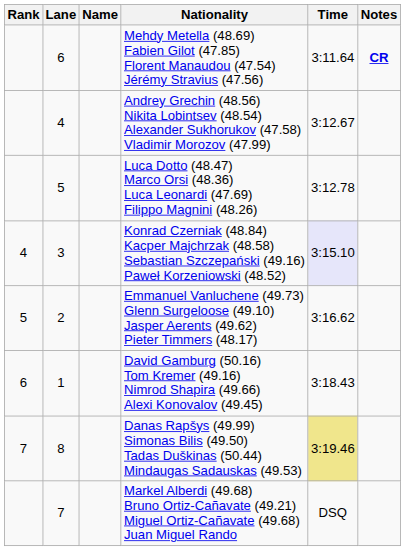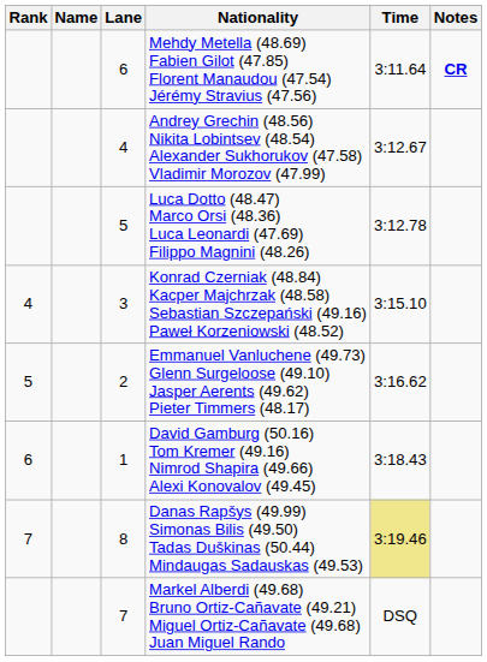 <table class="wikitable sortable" style="text-align:center">
 <tr>
 <th>Rank</th>
+<th>Name</th>
 <th>Lane</th>
-<th>Name</th>
 <th>Nationality</th>
 <th>Time</th>
 <th>Notes</th>
 </tr>
 <tr>
 <td></td>
+<td align=left></td>
 <td>6</td>
-<td align=left></td>
 <td align=left><a href='#'>Mehdy Metella</a> (48.69)<br><a href='#'>Fabien Gilot</a> (47.85)<br><a href='#'>Florent Manaudou</a> (47.54)<br><a href='#'>Jérémy Stravius</a> (47.56)</td>
 <td>3:11.64</td>
 <td><strong><a href='#'>CR</a></strong></td>
 </tr>
 <tr>
 <td></td>
+<td align=left></td>
 <td>4</td>
-<td align=left></td>
 <td align=left><a href='#'>Andrey Grechin</a> (48.56)<br><a href='#'>Nikita Lobintsev</a> (48.54)<br><a href='#'>Alexander Sukhorukov</a> (47.58)<br><a href='#'>Vladimir Morozov</a> (47.99)</td>
 <td>3:12.67</td>
 <td></td>
 </tr>
 <tr>
 <td></td>
+<td align=left></td>
 <td>5</td>
-<td align=left></td>
 <td align=left><a href='#'>Luca Dotto</a> (48.47)<br><a href='#'>Marco Orsi</a> (48.36)<br><a href='#'>Luca Leonardi</a> (47.69)<br><a href='#'>Filippo Magnini</a> (48.26)</td>
 <td>3:12.78</td>
 <td></td>
 </tr>
 <tr>
 <td>4</td>
+<td align=left></td>
 <td>3</td>
-<td align=left></td>
 <td align=left><a href='#'>Konrad Czerniak</a> (48.84)<br><a href='#'>Kacper Majchrzak</a> (48.58)<br><a href='#'>Sebastian Szczepański</a> (49.16)<br><a href='#'>Paweł Korzeniowski</a> (48.52)</td>
-<td style="background: lavender;">3:15.10</td>
+<td>3:15.10</td>
 <td></td>
 </tr>
 <tr>
 <td>5</td>
+<td align=left></td>
 <td>2</td>
-<td align=left></td>
 <td align=left><a href='#'>Emmanuel Vanluchene</a> (49.73)<br><a href='#'>Glenn Surgeloose</a> (49.10)<br><a href='#'>Jasper Aerents</a> (49.62)<br><a href='#'>Pieter Timmers</a> (48.17)</td>
 <td>3:16.62</td>
 <td></td>
 </tr>
 <tr>
 <td>6</td>
+<td align=left></td>
 <td>1</td>
-<td align=left></td>
 <td align=left><a href='#'>David Gamburg</a> (50.16)<br><a href='#'>Tom Kremer</a> (49.16)<br><a href='#'>Nimrod Shapira</a> (49.66)<br><a href='#'>Alexi Konovalov</a> (49.45)</td>
 <td>3:18.43</td>
 <td></td>
 </tr>
 <tr>
 <td>7</td>
+<td align=left></td>
 <td>8</td>
-<td align=left></td>
 <td align=left><a href='#'>Danas Rapšys</a> (49.99)<br><a href='#'>Simonas Bilis</a> (49.50)<br><a href='#'>Tadas Duškinas</a> (50.44)<br><a href='#'>Mindaugas Sadauskas</a> (49.53)</td>
 <td style="background: khaki;">3:19.46</td>
 <td></td>
 </tr>
 <tr>
 <td></td>
+<td align=left></td>
 <td>7</td>
-<td align=left></td>
 <td align=left><a href='#'>Markel Alberdi</a> (49.68)<br><a href='#'>Bruno Ortiz-Cañavate</a> (49.21)<br><a href='#'>Miguel Ortiz-Cañavate</a> (49.68)<br><a href='#'>Juan Miguel Rando</a></td>
 <td>DSQ</td>
 <td></td>
 </tr>
 </table>
